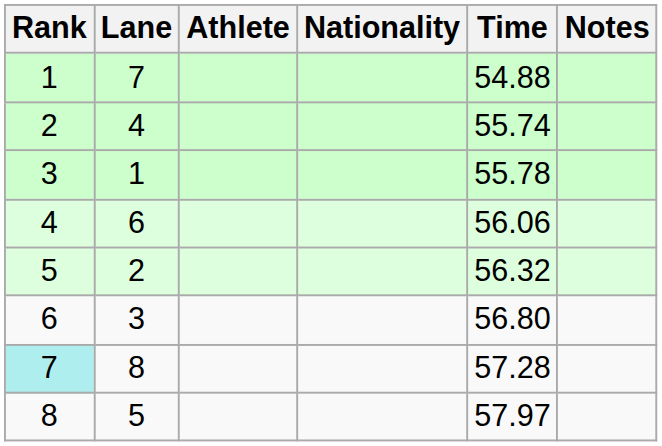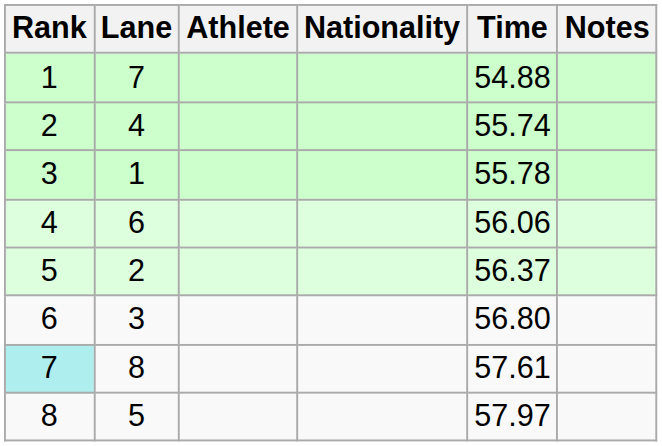 <table class="wikitable sortable" style="text-align:center">
 <tr>
 <th>Rank</th>
 <th>Lane</th>
 <th>Athlete</th>
 <th>Nationality</th>
 <th>Time</th>
 <th class=unsortable>Notes</th>
 </tr>
 <tr bgcolor=ccffcc>
 <td>1</td>
 <td>7</td>
 <td align=left></td>
 <td align=left></td>
 <td>54.88</td>
 <td></td>
 </tr>
 <tr bgcolor=ccffcc>
 <td>2</td>
 <td>4</td>
 <td align=left></td>
 <td align=left></td>
 <td>55.74</td>
 <td></td>
 </tr>
 <tr bgcolor=ccffcc>
 <td>3</td>
 <td>1</td>
 <td align=left></td>
 <td align=left></td>
 <td>55.78</td>
 <td></td>
 </tr>
 <tr bgcolor=ddffdd>
 <td>4</td>
 <td>6</td>
 <td align=left></td>
 <td align=left></td>
 <td>56.06</td>
 <td></td>
 </tr>
 <tr bgcolor=ddffdd>
 <td>5</td>
 <td>2</td>
 <td align=left></td>
 <td align=left></td>
-<td>56.32</td>
+<td>56.37</td>
 <td></td>
 </tr>
 <tr>
 <td>6</td>
 <td>3</td>
 <td align=left></td>
 <td align=left></td>
 <td>56.80</td>
 <td></td>
 </tr>
 <tr>
 <td style="background: paleturquoise;">7</td>
 <td>8</td>
 <td align=left></td>
 <td align=left></td>
-<td>57.28</td>
+<td>57.61</td>
 <td></td>
 </tr>
 <tr>
 <td>8</td>
 <td>5</td>
 <td align=left></td>
 <td align=left></td>
 <td>57.97</td>
 <td></td>
 </tr>
 </table>
